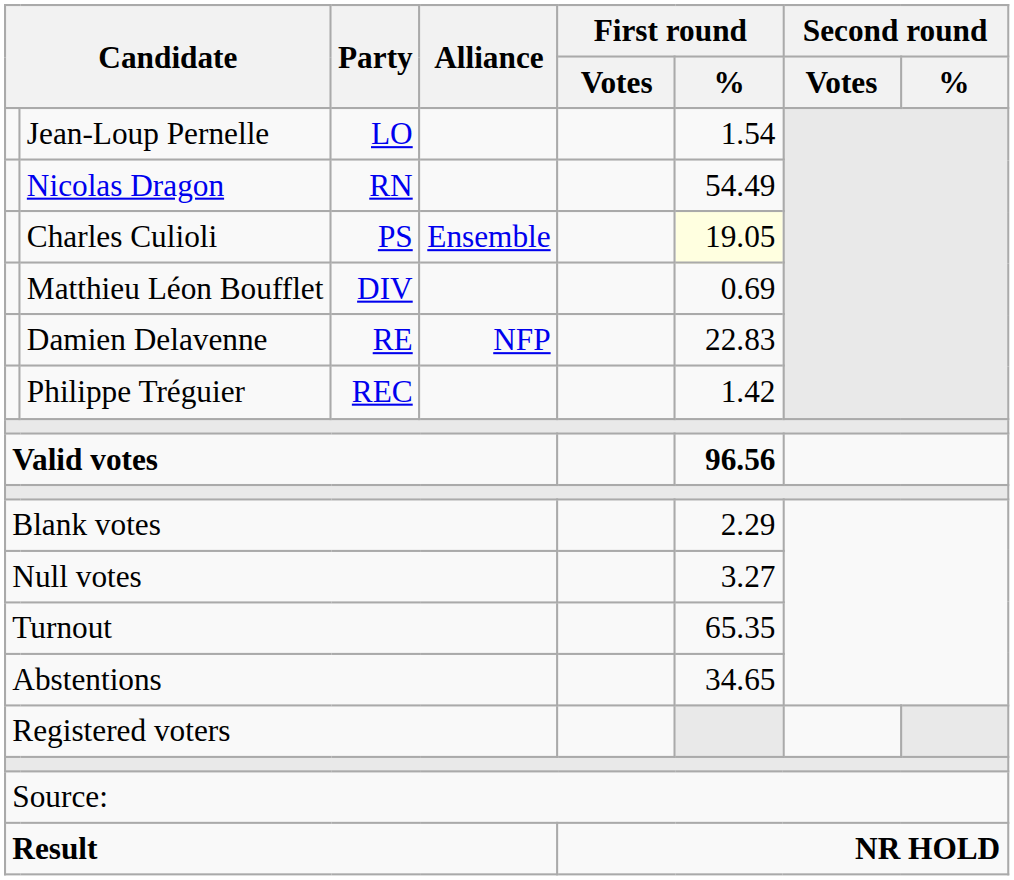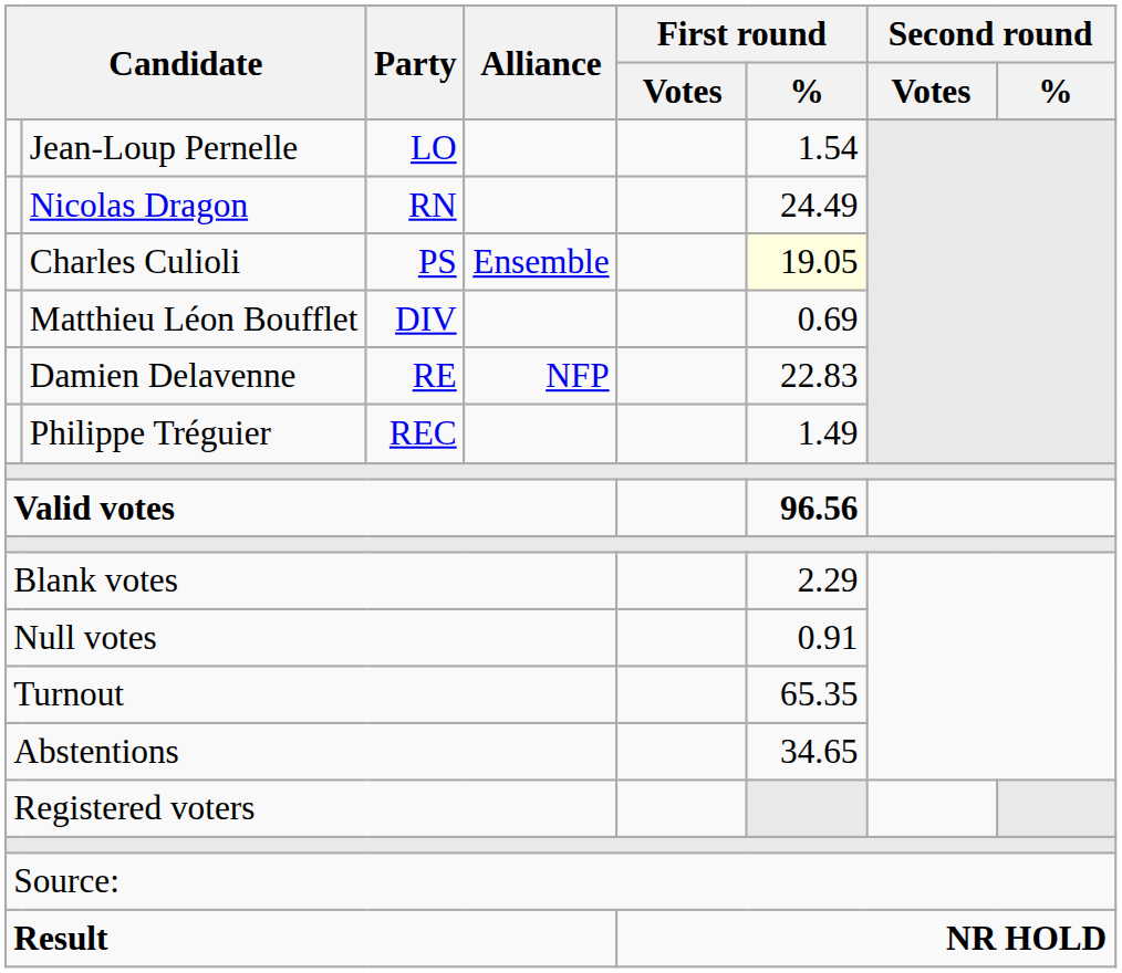 <table class="wikitable" style="text-align:right;font-size:95%;">
 <tr>
 <th colspan="2" rowspan="2">Candidate</th>
 <th colspan="1" rowspan="2">Party</th>
 <th colspan="1" rowspan="2">Alliance</th>
 <th colspan="2">First round</th>
 <th colspan="2">Second round</th>
 </tr>
 <tr>
 <th style="width:50px;">Votes</th>
 <th style="width:45px;">%</th>
 <th style="width:50px;">Votes</th>
 <th style="width:45px;">%</th>
 </tr>
 <tr>
 <td style="color:inherit;background:"></td>
 <td style="text-align:left;">Jean-Loup Pernelle</td>
 <td><a href='#'>LO</a></td>
 <td></td>
 <td></td>
 <td>1.54</td>
 <td colspan="2" rowspan="6" style="background:#E9E9E9;"></td>
 </tr>
 <tr>
 <td style="color:inherit;background:"></td>
 <td style="text-align:left;"><a href='#'>Nicolas Dragon</a></td>
 <td><a href='#'>RN</a></td>
 <td></td>
 <td></td>
-<td>54.49</td>
+<td>24.49</td>
 </tr>
 <tr>
 <td style="color:inherit;background:"></td>
 <td style="text-align:left;">Charles Culioli</td>
 <td><a href='#'>PS</a></td>
 <td><a href='#'>Ensemble</a></td>
 <td></td>
 <td style="background: lightyellow;">19.05</td>
 </tr>
 <tr>
 <td style="color:inherit;background:"></td>
 <td style="text-align:left;">Matthieu Léon Boufflet</td>
 <td><a href='#'>DIV</a></td>
 <td></td>
 <td></td>
 <td>0.69</td>
 </tr>
 <tr>
 <td style="color:inherit;background:"></td>
 <td style="text-align:left;">Damien Delavenne</td>
 <td><a href='#'>RE</a></td>
 <td><a href='#'>NFP</a></td>
 <td></td>
 <td>22.83</td>
 </tr>
 <tr>
 <td style="color:inherit;background:"></td>
 <td style="text-align:left;">Philippe Tréguier</td>
 <td><a href='#'>REC</a></td>
 <td></td>
 <td></td>
-<td>1.42</td>
+<td>1.49</td>
 </tr>
 <tr>
 <td colspan="8" style="background:#E9E9E9;"></td>
 </tr>
 <tr style="font-weight:bold;">
 <td colspan="4" style="text-align:left;">Valid votes</td>
 <td></td>
 <td>96.56</td>
 </tr>
 <tr>
 <td colspan="8" style="background:#E9E9E9;"></td>
 </tr>
 <tr>
 <td colspan="4" style="text-align:left;">Blank votes</td>
 <td></td>
 <td>2.29</td>
 </tr>
 <tr>
 <td colspan="4" style="text-align:left;">Null votes</td>
 <td></td>
-<td>3.27</td>
+<td>0.91</td>
 </tr>
 <tr>
 <td colspan="4" style="text-align:left;">Turnout</td>
 <td></td>
 <td>65.35</td>
 </tr>
 <tr>
 <td colspan="4" style="text-align:left;">Abstentions</td>
 <td></td>
 <td>34.65</td>
 </tr>
 <tr>
 <td colspan="4" style="text-align:left;">Registered voters</td>
 <td></td>
 <td style="background:#E9E9E9;"></td>
 <td></td>
 <td style="background:#E9E9E9;"></td>
 </tr>
 <tr>
 <td colspan="8" style="background:#E9E9E9;"></td>
 </tr>
 <tr>
 <td colspan="8" style="text-align:left;">Source: </td>
 </tr>
 <tr style="font-weight:bold">
 <td colspan="4" style="text-align:left;">Result</td>
 <td colspan="4" style="background-color:">NR HOLD</td>
 </tr>
 </table>
